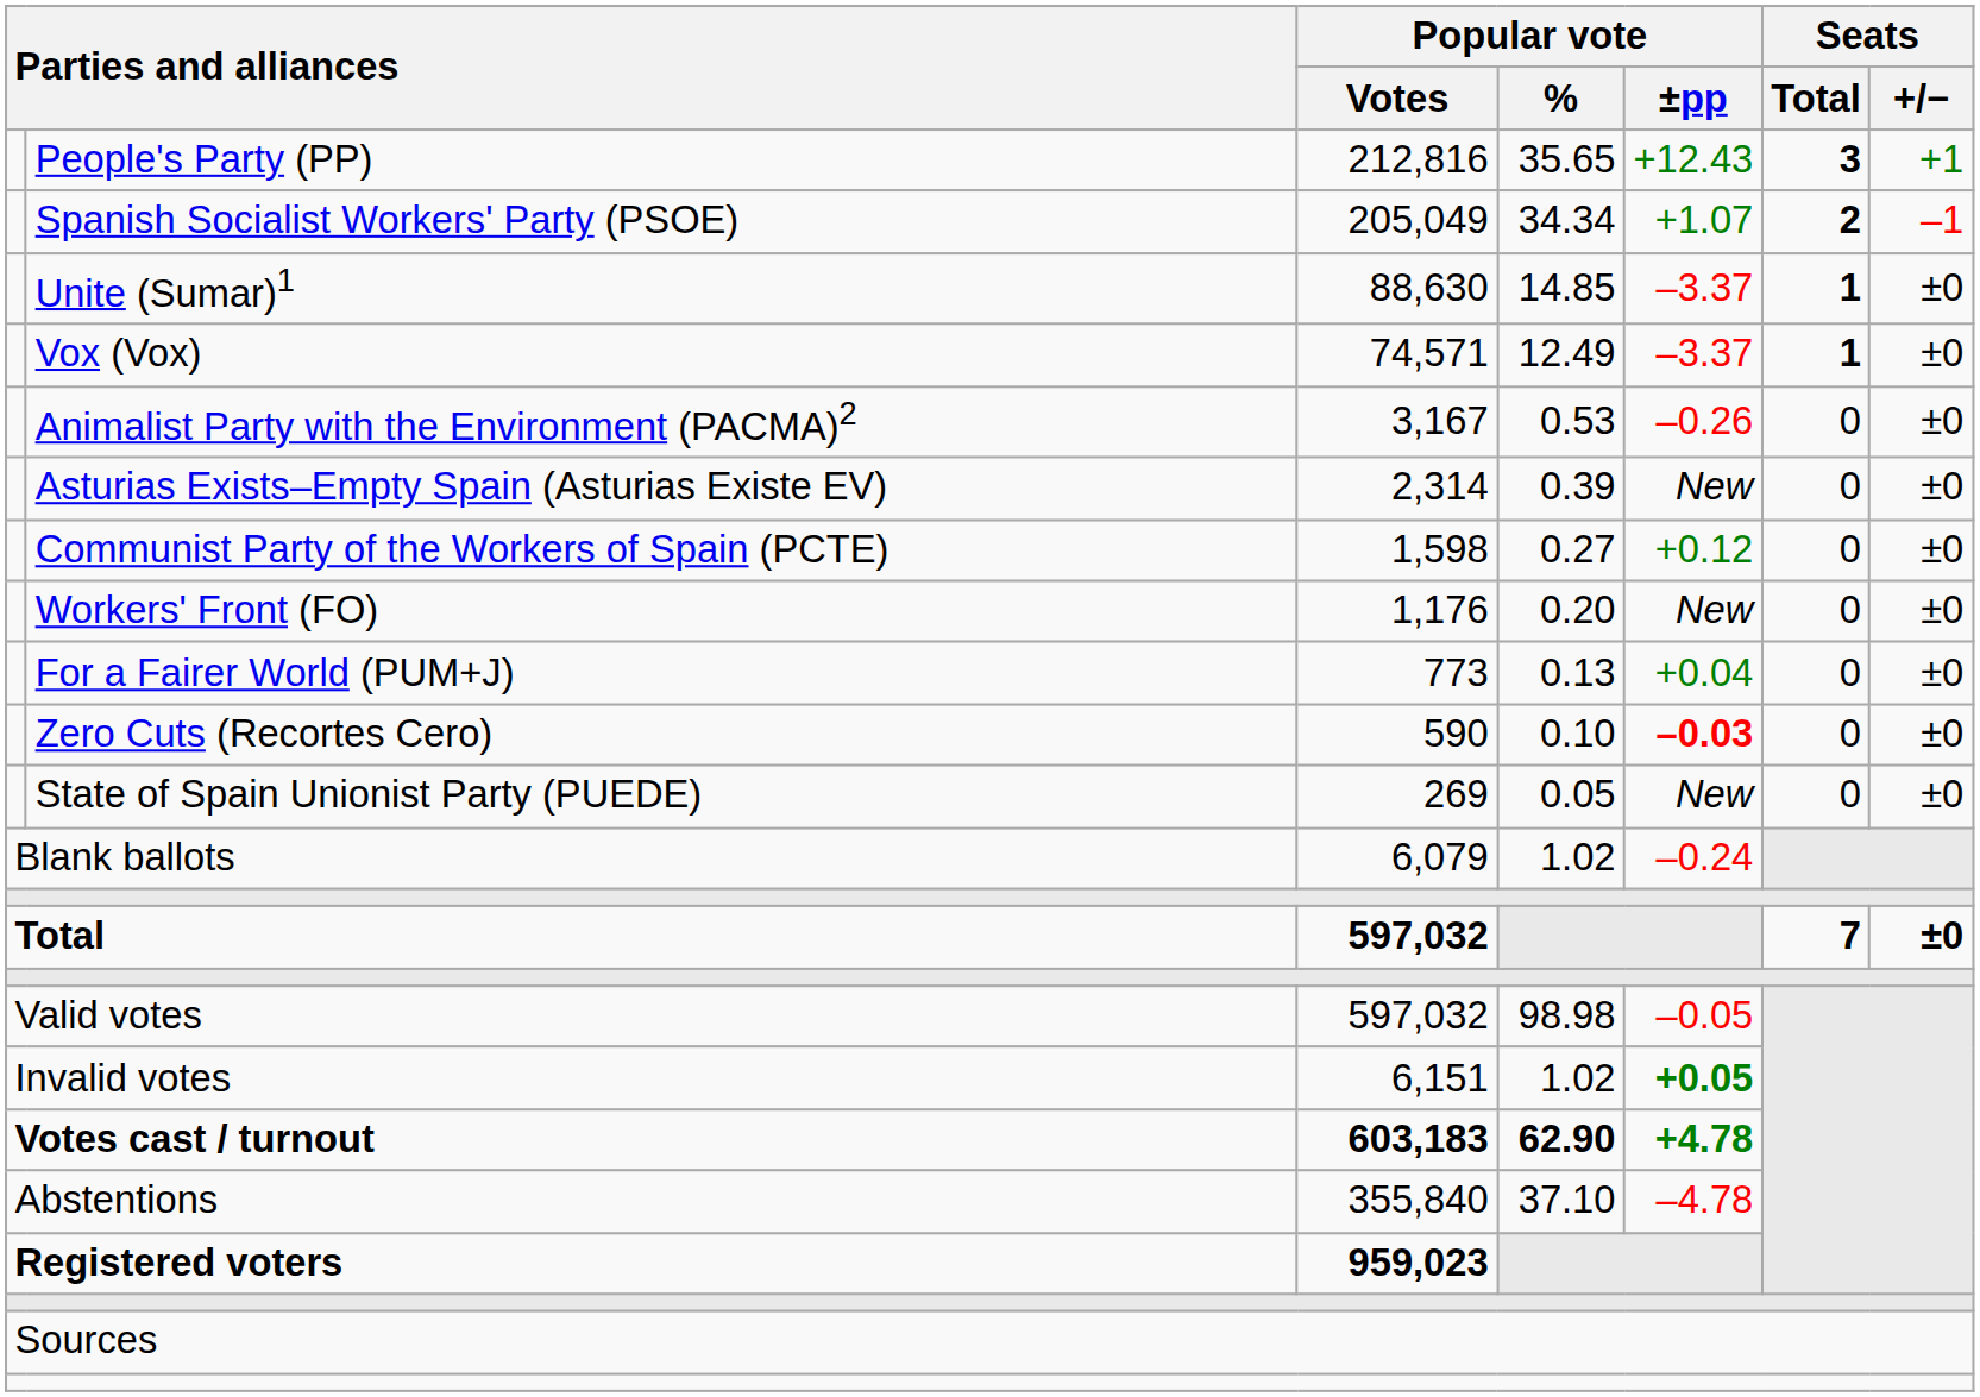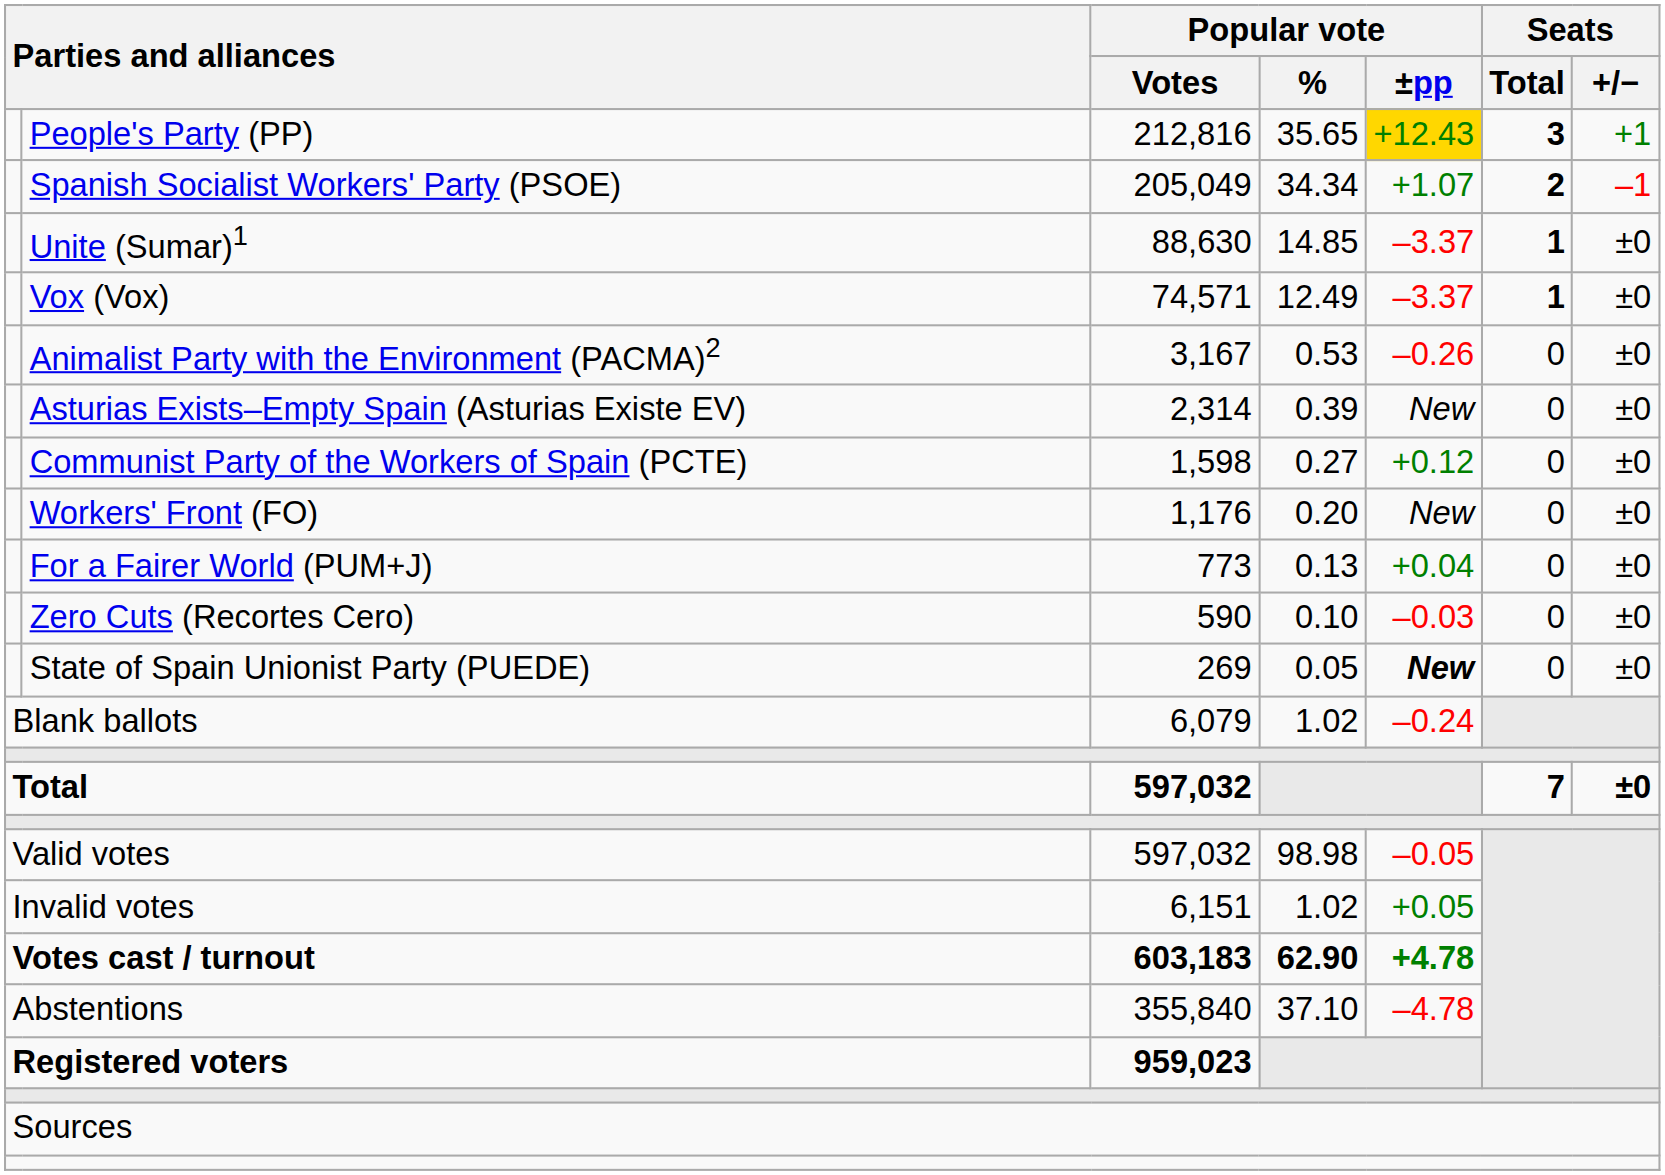 <table class="wikitable" style="text-align:right;">
 <tr>
 <th style="text-align:left;" rowspan="2" colspan="2" width="525">Parties and alliances</th>
 <th colspan="3">Popular vote</th>
 <th colspan="2">Seats</th>
 </tr>
 <tr>
 <th width="75">Votes</th>
 <th width="45">%</th>
 <th width="45">±<a href='#'>pp</a></th>
 <th width="35">Total</th>
 <th width="35">+/−</th>
 </tr>
 <tr>
 <td width="1" style="color:inherit;background:"></td>
 <td align="left"><a href='#'>People's Party</a> (PP)</td>
 <td>212,816</td>
 <td>35.65</td>
-<td style="color:green;">+12.43</td>
+<td style="background: gold; color:green;">+12.43</td>
 <td><strong>3</strong></td>
 <td style="color:green;">+1</td>
 </tr>
 <tr>
 <td style="color:inherit;background:"></td>
 <td align="left"><a href='#'>Spanish Socialist Workers' Party</a> (PSOE)</td>
 <td>205,049</td>
 <td>34.34</td>
 <td style="color:green;">+1.07</td>
 <td><strong>2</strong></td>
 <td style="color:red;">–1</td>
 </tr>
 <tr>
 <td style="color:inherit;background:"></td>
 <td align="left"><a href='#'>Unite</a> (Sumar)<sup>1</sup></td>
 <td>88,630</td>
 <td>14.85</td>
 <td style="color:red;">–3.37</td>
 <td><strong>1</strong></td>
 <td>±0</td>
 </tr>
 <tr>
 <td style="color:inherit;background:"></td>
 <td align="left"><a href='#'>Vox</a> (Vox)</td>
 <td>74,571</td>
 <td>12.49</td>
 <td style="color:red;">–3.37</td>
 <td><strong>1</strong></td>
 <td>±0</td>
 </tr>
 <tr>
 <td style="color:inherit;background:"></td>
 <td align="left"><a href='#'>Animalist Party with the Environment</a> (PACMA)<sup>2</sup></td>
 <td>3,167</td>
 <td>0.53</td>
 <td style="color:red;">–0.26</td>
 <td>0</td>
 <td>±0</td>
 </tr>
 <tr>
 <td style="color:inherit;background:"></td>
 <td align="left"><a href='#'>Asturias Exists–Empty Spain</a> (Asturias Existe EV)</td>
 <td>2,314</td>
 <td>0.39</td>
 <td><em>New</em></td>
 <td>0</td>
 <td>±0</td>
 </tr>
 <tr>
 <td style="color:inherit;background:"></td>
 <td align="left"><a href='#'>Communist Party of the Workers of Spain</a> (PCTE)</td>
 <td>1,598</td>
 <td>0.27</td>
 <td style="color:green;">+0.12</td>
 <td>0</td>
 <td>±0</td>
 </tr>
 <tr>
 <td style="color:inherit;background:"></td>
 <td align="left"><a href='#'>Workers' Front</a> (FO)</td>
 <td>1,176</td>
 <td>0.20</td>
 <td><em>New</em></td>
 <td>0</td>
 <td>±0</td>
 </tr>
 <tr>
 <td style="color:inherit;background:"></td>
 <td align="left"><a href='#'>For a Fairer World</a> (PUM+J)</td>
 <td>773</td>
 <td>0.13</td>
 <td style="color:green;">+0.04</td>
 <td>0</td>
 <td>±0</td>
 </tr>
 <tr>
 <td style="color:inherit;background:"></td>
 <td align="left"><a href='#'>Zero Cuts</a> (Recortes Cero)</td>
 <td>590</td>
 <td>0.10</td>
-<td style="color:red;"><strong>–0.03</strong></td>
+<td style="color:red;">–0.03</td>
 <td>0</td>
 <td>±0</td>
 </tr>
 <tr>
 <td style="color:inherit;background:"></td>
 <td align="left">State of Spain Unionist Party (PUEDE)</td>
 <td>269</td>
 <td>0.05</td>
-<td><em>New</em></td>
+<td><strong><em>New</em></strong></td>
 <td>0</td>
 <td>±0</td>
 </tr>
 <tr>
 <td align="left" colspan="2">Blank ballots</td>
 <td>6,079</td>
 <td>1.02</td>
 <td style="color:red;">–0.24</td>
 <td bgcolor="#E9E9E9" colspan="2"></td>
 </tr>
 <tr>
 <td colspan="7" bgcolor="#E9E9E9"></td>
 </tr>
 <tr style="font-weight:bold;">
 <td align="left" colspan="2">Total</td>
 <td>597,032</td>
 <td bgcolor="#E9E9E9" colspan="2"></td>
 <td>7</td>
 <td>±0</td>
 </tr>
 <tr>
 <td colspan="7" bgcolor="#E9E9E9"></td>
 </tr>
 <tr>
 <td align="left" colspan="2">Valid votes</td>
 <td>597,032</td>
 <td>98.98</td>
 <td style="color:red;">–0.05</td>
 <td bgcolor="#E9E9E9" colspan="2" rowspan="5"></td>
 </tr>
 <tr>
 <td align="left" colspan="2">Invalid votes</td>
 <td>6,151</td>
 <td>1.02</td>
-<td style="color:green;"><strong>+0.05</strong></td>
+<td style="color:green;">+0.05</td>
 </tr>
 <tr style="font-weight:bold;">
 <td align="left" colspan="2">Votes cast / turnout</td>
 <td>603,183</td>
 <td>62.90</td>
 <td style="color:green;">+4.78</td>
 </tr>
 <tr>
 <td align="left" colspan="2">Abstentions</td>
 <td>355,840</td>
 <td>37.10</td>
 <td style="color:red;">–4.78</td>
 </tr>
 <tr style="font-weight:bold;">
 <td align="left" colspan="2">Registered voters</td>
 <td>959,023</td>
 <td bgcolor="#E9E9E9" colspan="2"></td>
 </tr>
 <tr>
 <td colspan="7" bgcolor="#E9E9E9"></td>
 </tr>
 <tr>
 <td align="left" colspan="7">Sources</td>
 </tr>
 <tr>
 <td colspan="7" style="text-align:left; max-width:790px;"></td>
 </tr>
 </table>
